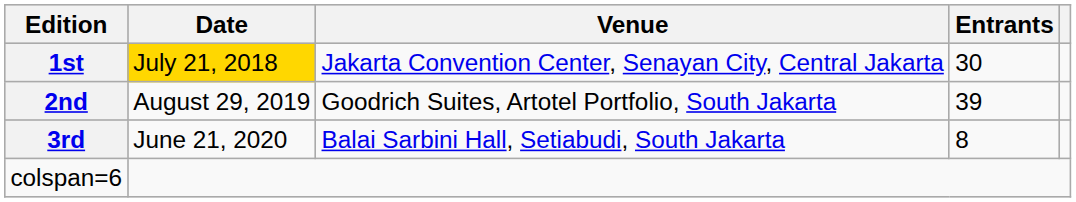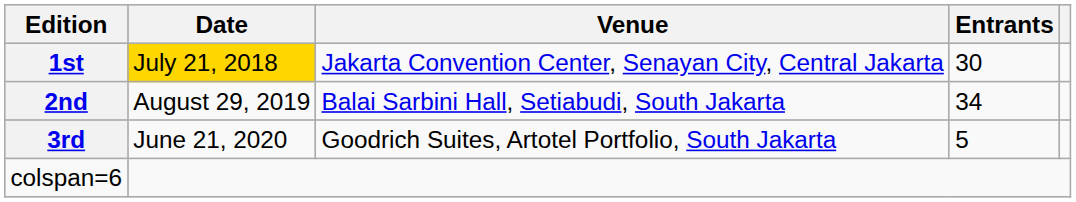 <table class="wikitable defaultcenter col2left col3left" style="font-size:95%;">
 <tr>
 <th>Edition</th>
 <th>Date</th>
 <th>Venue</th>
 <th>Entrants</th>
 <th></th>
 </tr>
 <tr>
 <th><a href='#'>1st</a></th>
 <td style="background: gold;">July 21, 2018</td>
 <td><a href='#'>Jakarta Convention Center</a>, <a href='#'>Senayan City</a>, <a href='#'>Central Jakarta</a></td>
 <td>30</td>
 <td></td>
 </tr>
 <tr>
 <th><a href='#'>2nd</a></th>
 <td>August 29, 2019</td>
-<td>Goodrich Suites, Artotel Portfolio, <a href='#'>South Jakarta</a></td>
-<td>39</td>
+<td><a href='#'>Balai Sarbini Hall</a>, <a href='#'>Setiabudi</a>, <a href='#'>South Jakarta</a></td>
+<td>34</td>
 <td></td>
 </tr>
 <tr>
 <th><a href='#'>3rd</a></th>
 <td>June 21, 2020</td>
-<td><a href='#'>Balai Sarbini Hall</a>, <a href='#'>Setiabudi</a>, <a href='#'>South Jakarta</a></td>
-<td>8</td>
+<td>Goodrich Suites, Artotel Portfolio, <a href='#'>South Jakarta</a></td>
+<td>5</td>
 <td></td>
 </tr>
 <tr>
 <td>colspan=6 </td>
 </tr>
 </table>
